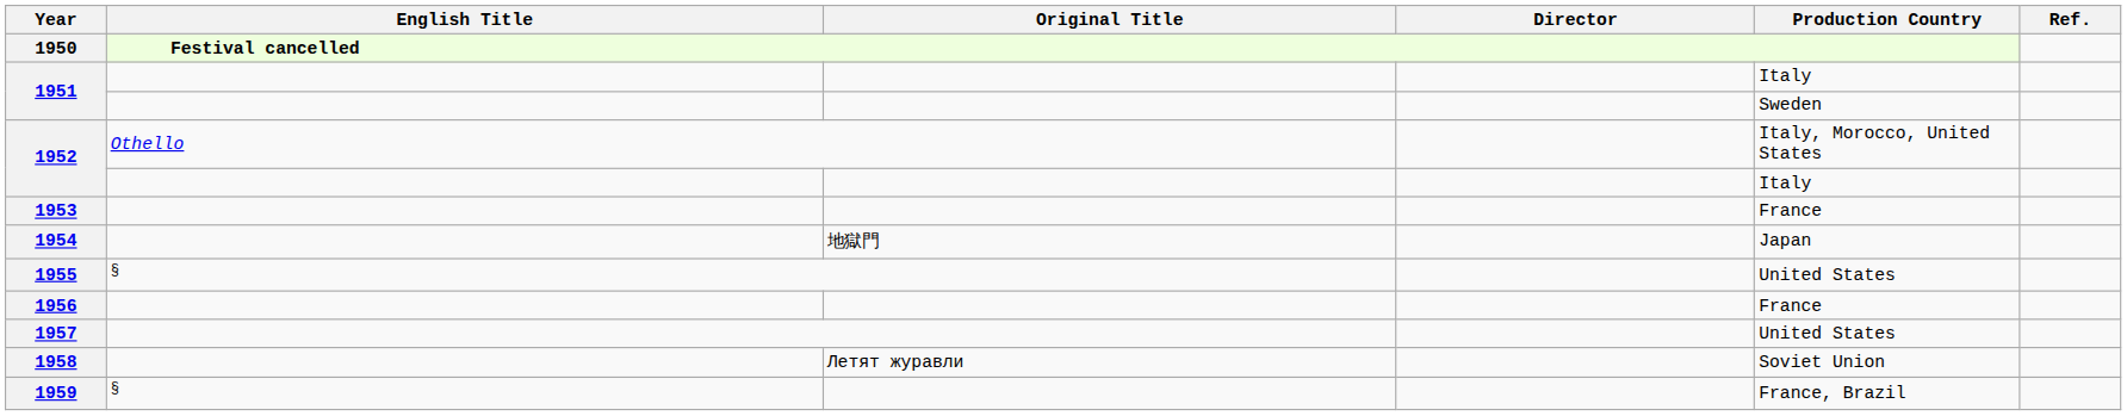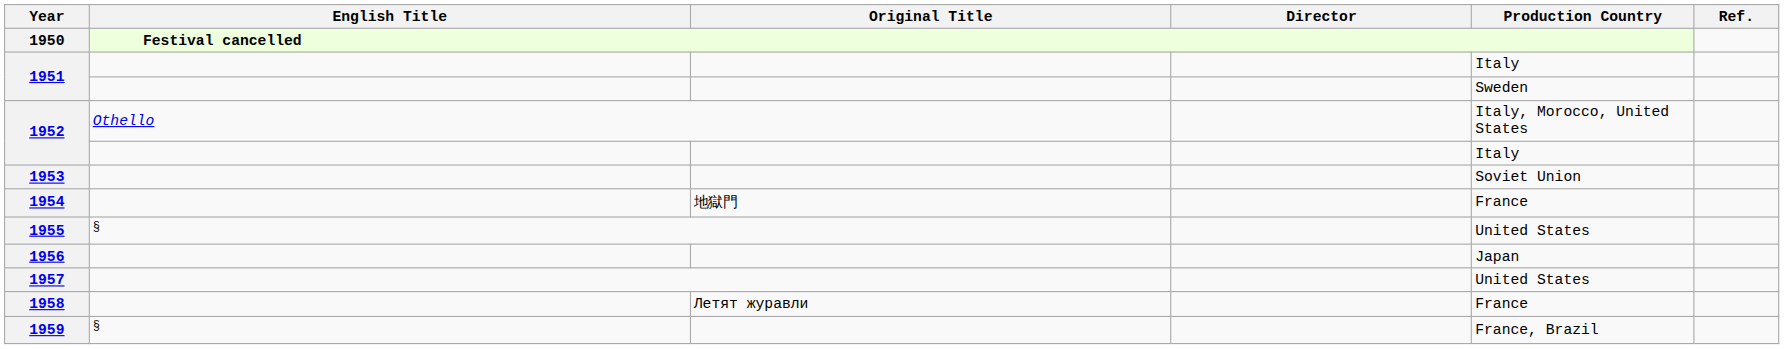 <table class="wikitable unsortable">
 <tr>
 <th scope="col" style="width:1%;">Year</th>
 <th scope="col" style="width:10%;">English Title</th>
 <th scope="col" style="width:8%;">Original Title</th>
 <th scope="col" style="width:5%;">Director</th>
 <th scope="col" style="width:3%;">Production Country</th>
 <th scope="col" style="width:1%;" class="unsortable">Ref.</th>
 </tr>
 <tr>
 <th style="text-align:center;">1950</th>
 <td colspan="4" style="background-color:#EFD; padding-left:3%" data-sort-value="ω"><strong>Festival cancelled</strong></td>
 <td style="text-align:center;"></td>
 </tr>
 <tr>
 <th rowspan="2" style="text-align:center;"><a href='#'>1951</a></th>
 <td></td>
 <td></td>
 <td></td>
 <td>Italy</td>
 <td style="text-align:center;"></td>
 </tr>
 <tr>
 <td></td>
 <td></td>
 <td></td>
 <td>Sweden</td>
 <td style="text-align:center;"></td>
 </tr>
 <tr>
 <th rowspan="2" style="text-align:center;"><a href='#'>1952</a></th>
 <td colspan="2"><em><a href='#'>Othello</a></em></td>
 <td></td>
 <td>Italy, Morocco, United States</td>
 <td style="text-align:center;"></td>
 </tr>
 <tr>
 <td></td>
 <td></td>
 <td></td>
 <td>Italy</td>
 <td style="text-align:center;"></td>
 </tr>
 <tr>
 <th style="text-align:center;"><a href='#'>1953</a></th>
 <td></td>
 <td></td>
 <td></td>
-<td>France</td>
+<td>Soviet Union</td>
 <td style="text-align:center;"></td>
 </tr>
 <tr>
 <th style="text-align:center;"><a href='#'>1954</a></th>
 <td></td>
 <td>地獄門</td>
 <td></td>
-<td>Japan</td>
+<td>France</td>
 <td style="text-align:center;"></td>
 </tr>
 <tr>
 <th style="text-align:center;"><a href='#'>1955</a></th>
 <td colspan="2"> <sup>§</sup></td>
 <td></td>
 <td>United States</td>
 <td style="text-align:center;"></td>
 </tr>
 <tr>
 <th style="text-align:center;"><a href='#'>1956</a></th>
 <td></td>
 <td></td>
 <td> <br> </td>
-<td>France</td>
+<td>Japan</td>
 <td style="text-align:center;"></td>
 </tr>
 <tr>
 <th style="text-align:center;"><a href='#'>1957</a></th>
 <td colspan="2"></td>
 <td></td>
 <td>United States</td>
 <td style="text-align:center;"></td>
 </tr>
 <tr>
 <th style="text-align:center;"><a href='#'>1958</a></th>
 <td></td>
 <td>Летят журавли</td>
 <td></td>
-<td>Soviet Union</td>
+<td>France</td>
 <td style="text-align:center;"></td>
 </tr>
 <tr>
 <th style="text-align:center;"><a href='#'>1959</a></th>
 <td> <sup>§</sup></td>
 <td></td>
 <td></td>
 <td>France, Brazil</td>
 <td style="text-align:center;"></td>
 </tr>
 </table>
